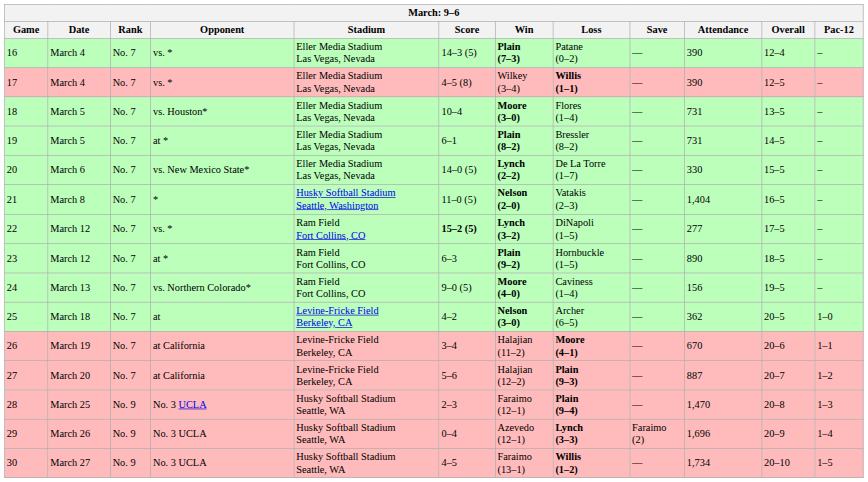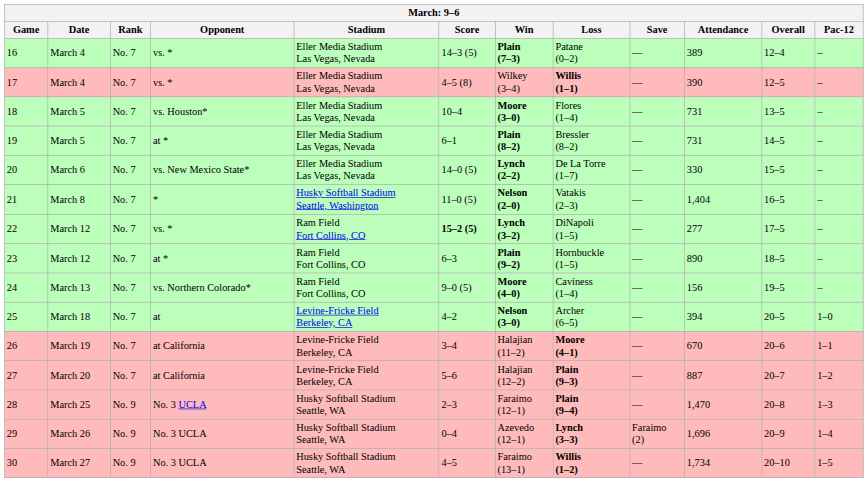 <table class="wikitable collapsible collapsed" style="margin:auto; font-size:95%; width:100%">
 <tr>
 <th colspan=12>March: 9–6</th>
 </tr>
 <tr>
 <th>Game</th>
 <th>Date</th>
 <th>Rank</th>
 <th>Opponent</th>
 <th>Stadium</th>
 <th>Score</th>
 <th>Win</th>
 <th>Loss</th>
 <th>Save</th>
 <th>Attendance</th>
 <th>Overall</th>
 <th>Pac-12</th>
 </tr>
 <tr style="background:#bfb;">
 <td>16</td>
 <td>March 4</td>
 <td>No. 7</td>
 <td>vs. *</td>
 <td>Eller Media Stadium<br>Las Vegas, Nevada</td>
 <td>14–3 (5)</td>
 <td><strong>Plain<br>(7–3)</strong></td>
 <td>Patane<br>(0–2)</td>
 <td>—</td>
-<td>390</td>
+<td>389</td>
 <td>12–4</td>
 <td>–</td>
 </tr>
 <tr style="background:#fbb;">
 <td>17</td>
 <td>March 4</td>
 <td>No. 7</td>
 <td>vs. *</td>
 <td>Eller Media Stadium<br>Las Vegas, Nevada</td>
 <td>4–5 (8)</td>
 <td>Wilkey<br>(3–4)</td>
 <td><strong>Willis<br>(1–1)</strong></td>
 <td>—</td>
 <td>390</td>
 <td>12–5</td>
 <td>–</td>
 </tr>
 <tr style="background:#bfb;">
 <td>18</td>
 <td>March 5</td>
 <td>No. 7</td>
 <td>vs. Houston*</td>
 <td>Eller Media Stadium<br>Las Vegas, Nevada</td>
 <td>10–4</td>
 <td><strong>Moore<br>(3–0)</strong></td>
 <td>Flores<br>(1–4)</td>
 <td>—</td>
 <td>731</td>
 <td>13–5</td>
 <td>–</td>
 </tr>
 <tr style="background:#bfb;">
 <td>19</td>
 <td>March 5</td>
 <td>No. 7</td>
 <td>at *</td>
 <td>Eller Media Stadium<br>Las Vegas, Nevada</td>
 <td>6–1</td>
 <td><strong>Plain<br>(8–2)</strong></td>
 <td>Bressler<br>(8–2)</td>
 <td>—</td>
 <td>731</td>
 <td>14–5</td>
 <td>–</td>
 </tr>
 <tr style="background:#bfb;">
 <td>20</td>
 <td>March 6</td>
 <td>No. 7</td>
 <td>vs. New Mexico State*</td>
 <td>Eller Media Stadium<br>Las Vegas, Nevada</td>
 <td>14–0 (5)</td>
 <td><strong>Lynch<br>(2–2)</strong></td>
 <td>De La Torre<br>(1–7)</td>
 <td>—</td>
 <td>330</td>
 <td>15–5</td>
 <td>–</td>
 </tr>
 <tr style="background:#bfb;">
 <td>21</td>
 <td>March 8</td>
 <td>No. 7</td>
 <td>*</td>
 <td><a href='#'>Husky Softball Stadium</a><br><a href='#'>Seattle, Washington</a></td>
 <td>11–0 (5)</td>
 <td><strong>Nelson<br>(2–0)</strong></td>
 <td>Vatakis<br>(2–3)</td>
 <td>—</td>
 <td>1,404</td>
 <td>16–5</td>
 <td>–</td>
 </tr>
 <tr style="background:#bfb;">
 <td>22</td>
 <td>March 12</td>
 <td>No. 7</td>
 <td>vs. *</td>
 <td>Ram Field<br><a href='#'>Fort Collins, CO</a></td>
 <td><strong>15–2 (5)</strong></td>
 <td><strong>Lynch<br>(3–2)</strong></td>
 <td>DiNapoli<br>(1–5)</td>
 <td>—</td>
 <td>277</td>
 <td>17–5</td>
 <td>–</td>
 </tr>
 <tr style="background:#bfb;">
 <td>23</td>
 <td>March 12</td>
 <td>No. 7</td>
 <td>at *</td>
 <td>Ram Field<br>Fort Collins, CO</td>
 <td>6–3</td>
 <td><strong>Plain<br>(9–2)</strong></td>
 <td>Hornbuckle<br>(1–5)</td>
 <td>—</td>
 <td>890</td>
 <td>18–5</td>
 <td>–</td>
 </tr>
 <tr style="background:#bfb;">
 <td>24</td>
 <td>March 13</td>
 <td>No. 7</td>
 <td>vs. Northern Colorado*</td>
 <td>Ram Field<br>Fort Collins, CO</td>
 <td>9–0 (5)</td>
 <td><strong>Moore<br>(4–0)</strong></td>
 <td>Caviness<br>(1–4)</td>
 <td>—</td>
 <td>156</td>
 <td>19–5</td>
 <td>–</td>
 </tr>
 <tr style="background:#bfb;">
 <td>25</td>
 <td>March 18</td>
 <td>No. 7</td>
 <td>at </td>
 <td><a href='#'>Levine-Fricke Field</a><br><a href='#'>Berkeley, CA</a></td>
 <td>4–2</td>
 <td><strong>Nelson<br>(3–0)</strong></td>
 <td>Archer<br>(6–5)</td>
 <td>—</td>
-<td>362</td>
+<td>394</td>
 <td>20–5</td>
 <td>1–0</td>
 </tr>
 <tr style="background:#fbb;">
 <td>26</td>
 <td>March 19</td>
 <td>No. 7</td>
 <td>at California</td>
 <td>Levine-Fricke Field<br>Berkeley, CA</td>
 <td>3–4</td>
 <td>Halajian<br>(11–2)</td>
 <td><strong>Moore<br>(4–1)</strong></td>
 <td>—</td>
 <td>670</td>
 <td>20–6</td>
 <td>1–1</td>
 </tr>
 <tr style="background:#fbb;">
 <td>27</td>
 <td>March 20</td>
 <td>No. 7</td>
 <td>at California</td>
 <td>Levine-Fricke Field<br>Berkeley, CA</td>
 <td>5–6</td>
 <td>Halajian<br>(12–2)</td>
 <td><strong>Plain<br>(9–3)</strong></td>
 <td>—</td>
 <td>887</td>
 <td>20–7</td>
 <td>1–2</td>
 </tr>
 <tr style="background:#fbb;">
 <td>28</td>
 <td>March 25</td>
 <td>No. 9</td>
 <td>No. 3 <a href='#'>UCLA</a></td>
 <td>Husky Softball Stadium<br>Seattle, WA</td>
 <td>2–3</td>
 <td>Faraimo<br>(12–1)</td>
 <td><strong>Plain<br>(9–4)</strong></td>
 <td>—</td>
 <td>1,470</td>
 <td>20–8</td>
 <td>1–3</td>
 </tr>
 <tr style="background:#fbb;">
 <td>29</td>
 <td>March 26</td>
 <td>No. 9</td>
 <td>No. 3 UCLA</td>
 <td>Husky Softball Stadium<br>Seattle, WA</td>
 <td>0–4</td>
 <td>Azevedo<br>(12–1)</td>
 <td><strong>Lynch<br>(3–3)</strong></td>
 <td>Faraimo<br>(2)</td>
 <td>1,696</td>
 <td>20–9</td>
 <td>1–4</td>
 </tr>
 <tr style="background:#fbb;">
 <td>30</td>
 <td>March 27</td>
 <td>No. 9</td>
 <td>No. 3 UCLA</td>
 <td>Husky Softball Stadium<br>Seattle, WA</td>
 <td>4–5</td>
 <td>Faraimo<br>(13–1)</td>
 <td><strong>Willis<br>(1–2)</strong></td>
 <td>—</td>
 <td>1,734</td>
 <td>20–10</td>
 <td>1–5</td>
 </tr>
 </table>
